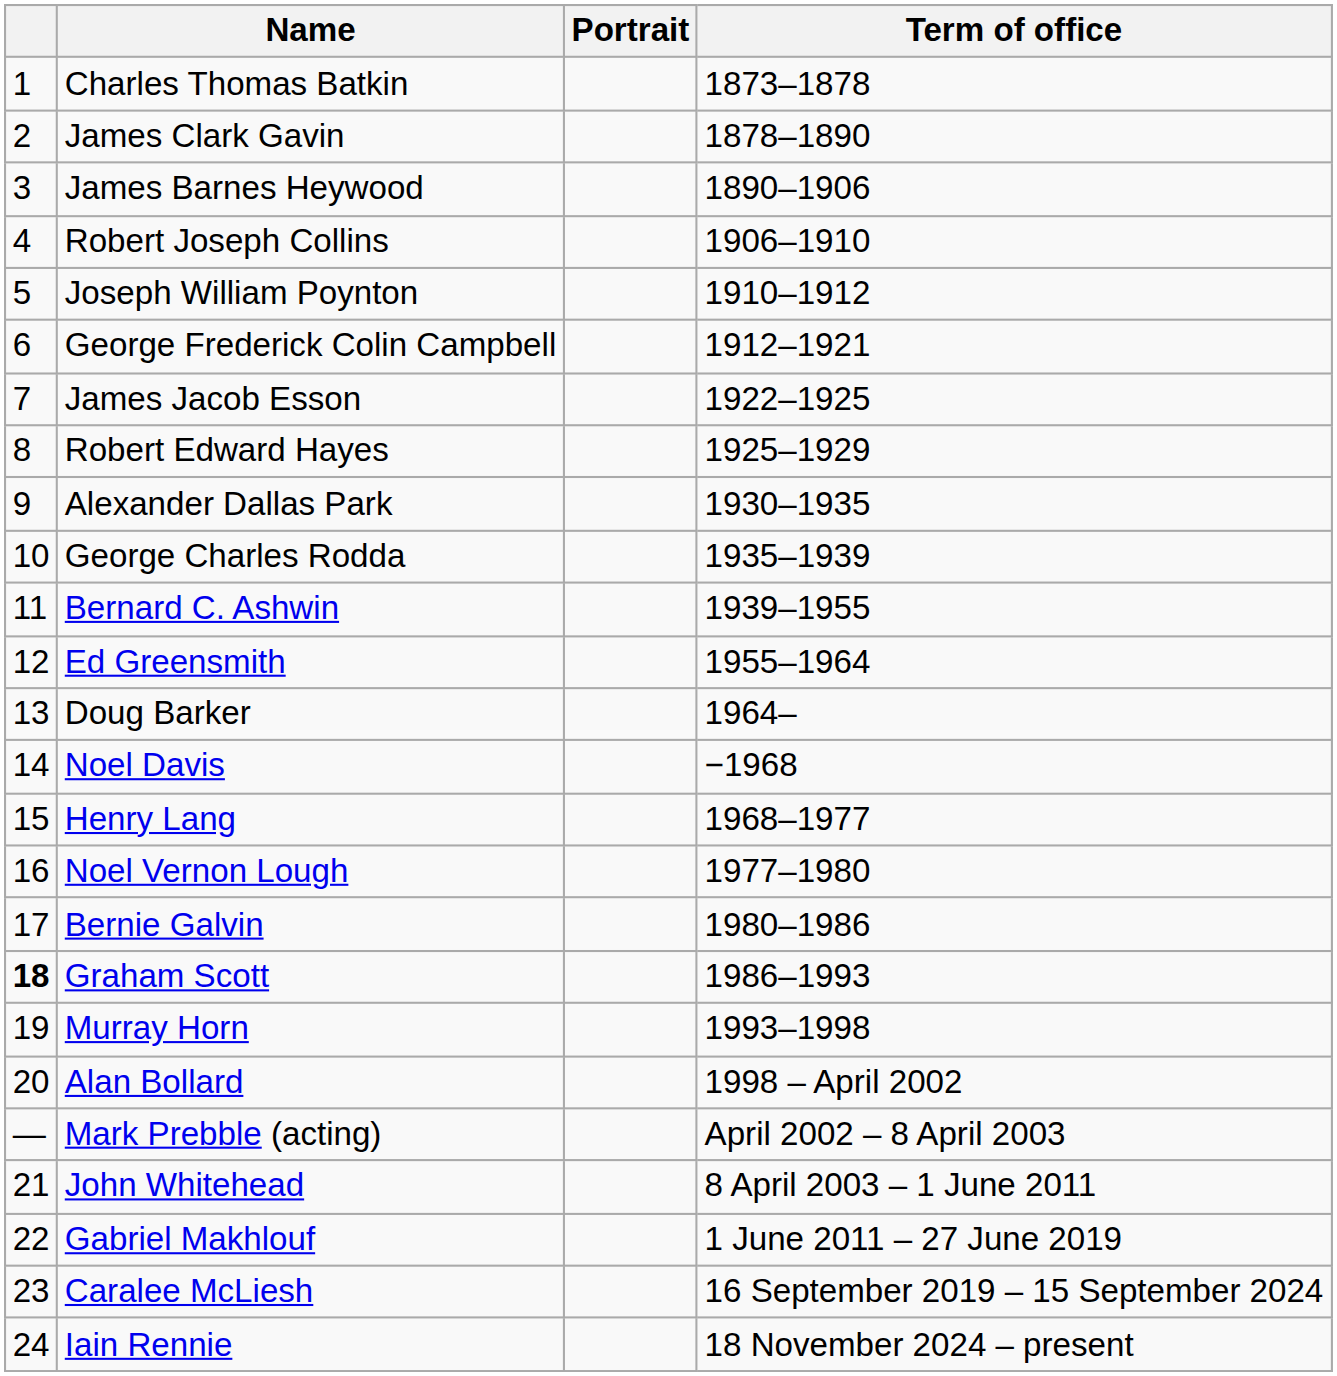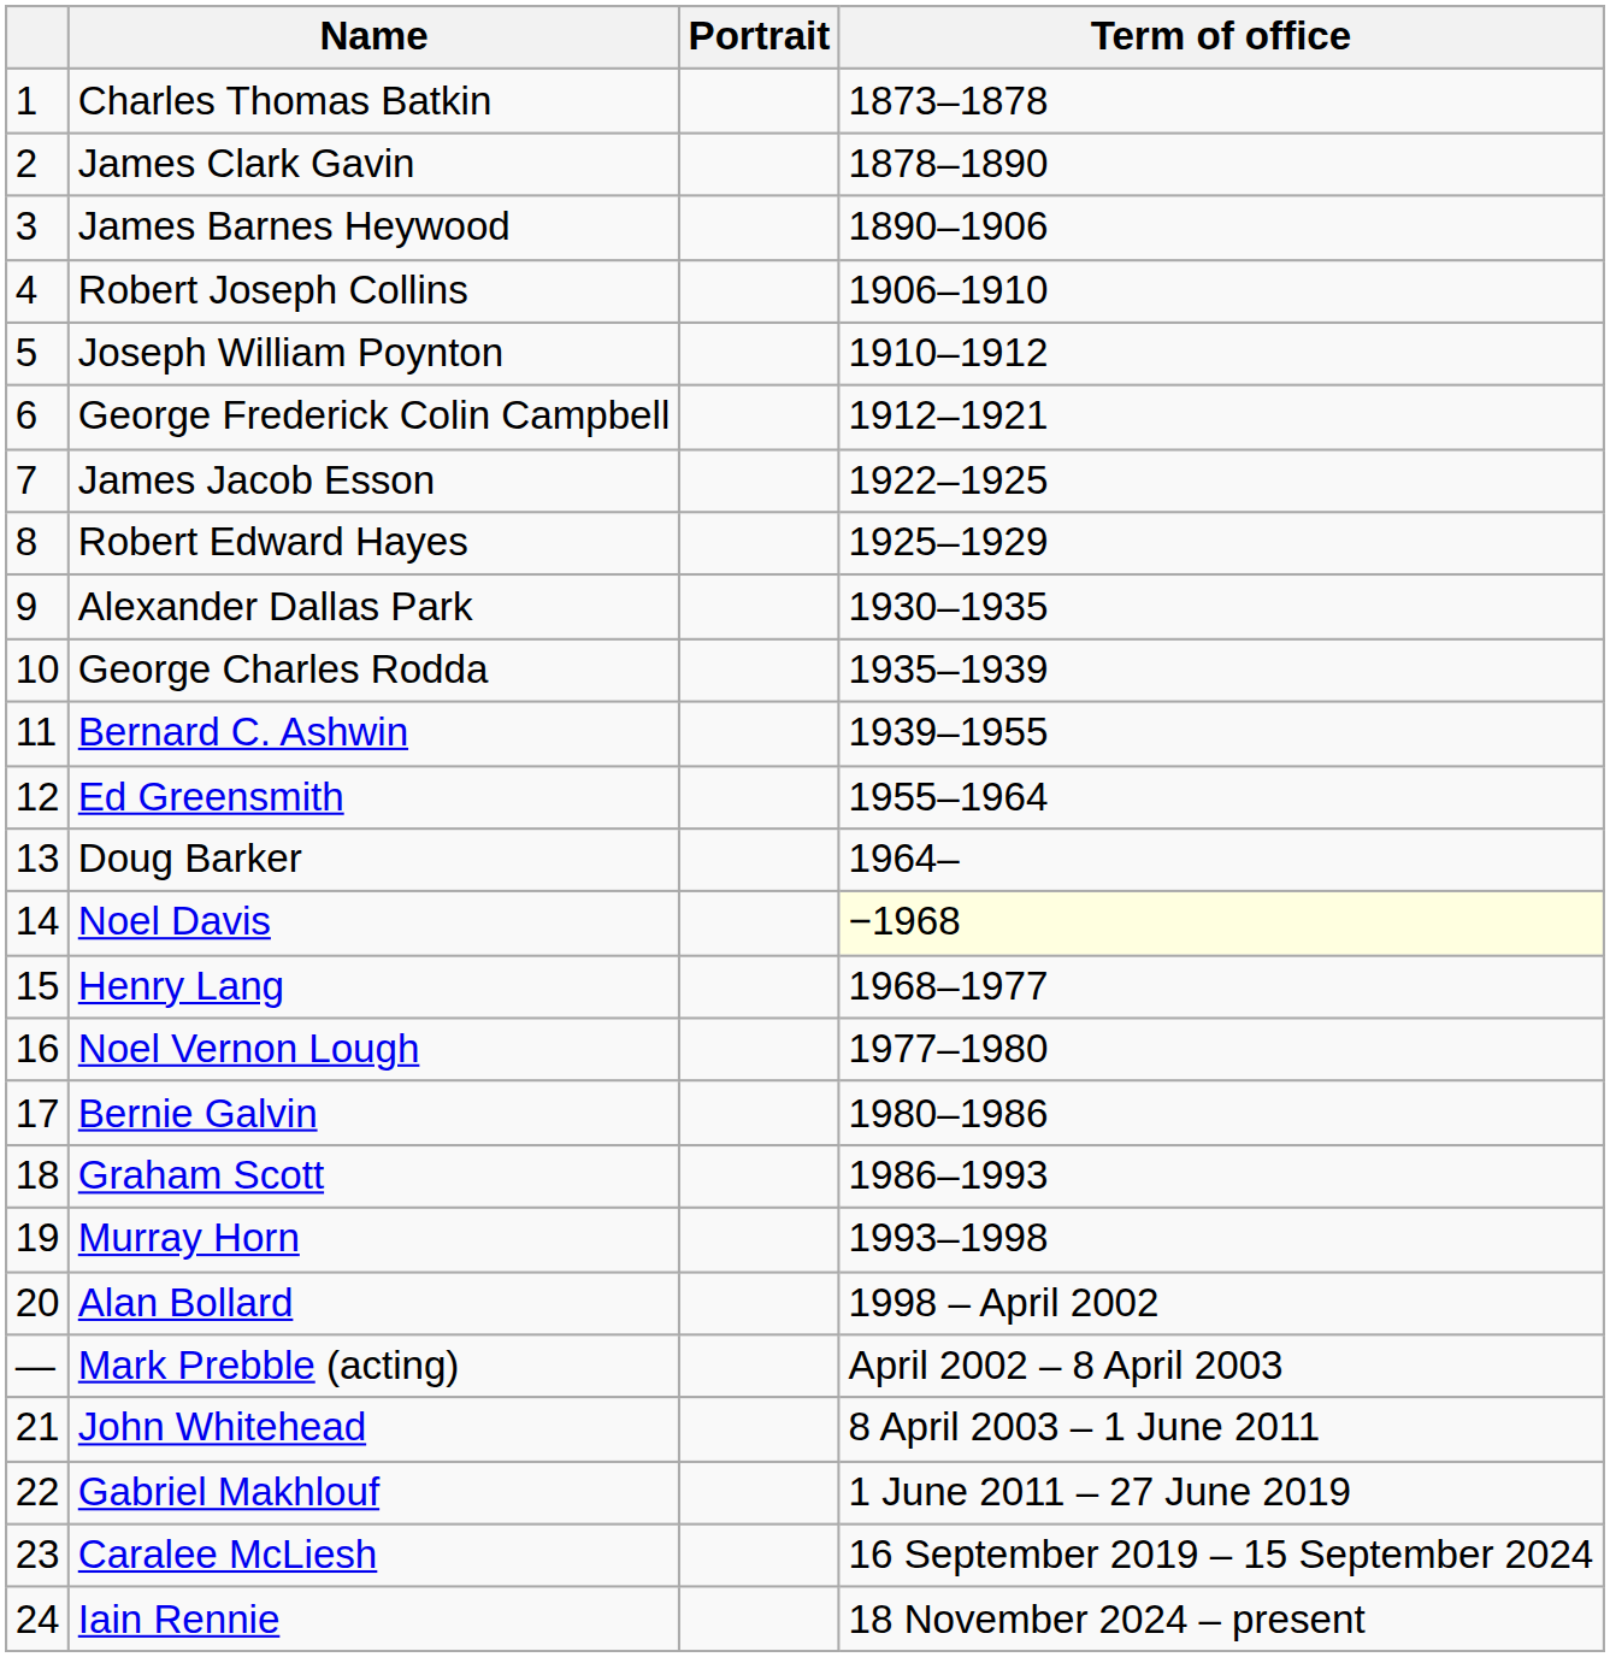 <table class="wikitable">
 <tr>
 <th></th>
 <th>Name</th>
 <th>Portrait</th>
 <th>Term of office</th>
 </tr>
 <tr>
 <td>1</td>
 <td>Charles Thomas Batkin</td>
 <td></td>
 <td>1873–1878</td>
 </tr>
 <tr>
 <td>2</td>
 <td>James Clark Gavin</td>
 <td></td>
 <td>1878–1890</td>
 </tr>
 <tr>
 <td>3</td>
 <td>James Barnes Heywood</td>
 <td></td>
 <td>1890–1906</td>
 </tr>
 <tr>
 <td>4</td>
 <td>Robert Joseph Collins</td>
 <td></td>
 <td>1906–1910</td>
 </tr>
 <tr>
 <td>5</td>
 <td>Joseph William Poynton</td>
 <td></td>
 <td>1910–1912</td>
 </tr>
 <tr>
 <td>6</td>
 <td>George Frederick Colin Campbell</td>
 <td></td>
 <td>1912–1921</td>
 </tr>
 <tr>
 <td>7</td>
 <td>James Jacob Esson</td>
 <td></td>
 <td>1922–1925</td>
 </tr>
 <tr>
 <td>8</td>
 <td>Robert Edward Hayes</td>
 <td></td>
 <td>1925–1929</td>
 </tr>
 <tr>
 <td>9</td>
 <td>Alexander Dallas Park</td>
 <td></td>
 <td>1930–1935</td>
 </tr>
 <tr>
 <td>10</td>
 <td>George Charles Rodda</td>
 <td></td>
 <td>1935–1939</td>
 </tr>
 <tr>
 <td>11</td>
 <td><a href='#'>Bernard C. Ashwin</a></td>
 <td></td>
 <td>1939–1955</td>
 </tr>
 <tr>
 <td>12</td>
 <td><a href='#'>Ed Greensmith</a></td>
 <td></td>
 <td>1955–1964</td>
 </tr>
 <tr>
 <td>13</td>
 <td>Doug Barker</td>
 <td></td>
 <td>1964–</td>
 </tr>
 <tr>
 <td>14</td>
 <td><a href='#'>Noel Davis</a></td>
 <td></td>
-<td>−1968</td>
+<td style="background: lightyellow;">−1968</td>
 </tr>
 <tr>
 <td>15</td>
 <td><a href='#'>Henry Lang</a></td>
 <td></td>
 <td>1968–1977</td>
 </tr>
 <tr>
 <td>16</td>
 <td><a href='#'>Noel Vernon Lough</a></td>
 <td></td>
 <td>1977–1980</td>
 </tr>
 <tr>
 <td>17</td>
 <td><a href='#'>Bernie Galvin</a></td>
 <td></td>
 <td>1980–1986</td>
 </tr>
 <tr>
-<td><strong>18</strong></td>
+<td>18</td>
 <td><a href='#'>Graham Scott</a></td>
 <td></td>
 <td>1986–1993</td>
 </tr>
 <tr>
 <td>19</td>
 <td><a href='#'>Murray Horn</a></td>
 <td></td>
 <td>1993–1998</td>
 </tr>
 <tr>
 <td>20</td>
 <td><a href='#'>Alan Bollard</a></td>
 <td></td>
 <td>1998 – April 2002</td>
 </tr>
 <tr>
 <td>—</td>
 <td><a href='#'>Mark Prebble</a> (acting)</td>
 <td></td>
 <td>April 2002 – 8 April 2003</td>
 </tr>
 <tr>
 <td>21</td>
 <td><a href='#'>John Whitehead</a></td>
 <td></td>
 <td>8 April 2003 – 1 June 2011</td>
 </tr>
 <tr>
 <td>22</td>
 <td><a href='#'>Gabriel Makhlouf</a></td>
 <td></td>
 <td>1 June 2011 – 27 June 2019</td>
 </tr>
 <tr>
 <td>23</td>
 <td><a href='#'>Caralee McLiesh</a></td>
 <td></td>
 <td>16 September 2019 – 15 September 2024</td>
 </tr>
 <tr>
 <td>24</td>
 <td><a href='#'>Iain Rennie</a></td>
 <td></td>
 <td>18 November 2024 – present</td>
 </tr>
 <tr>
 </tr>
 </table>
